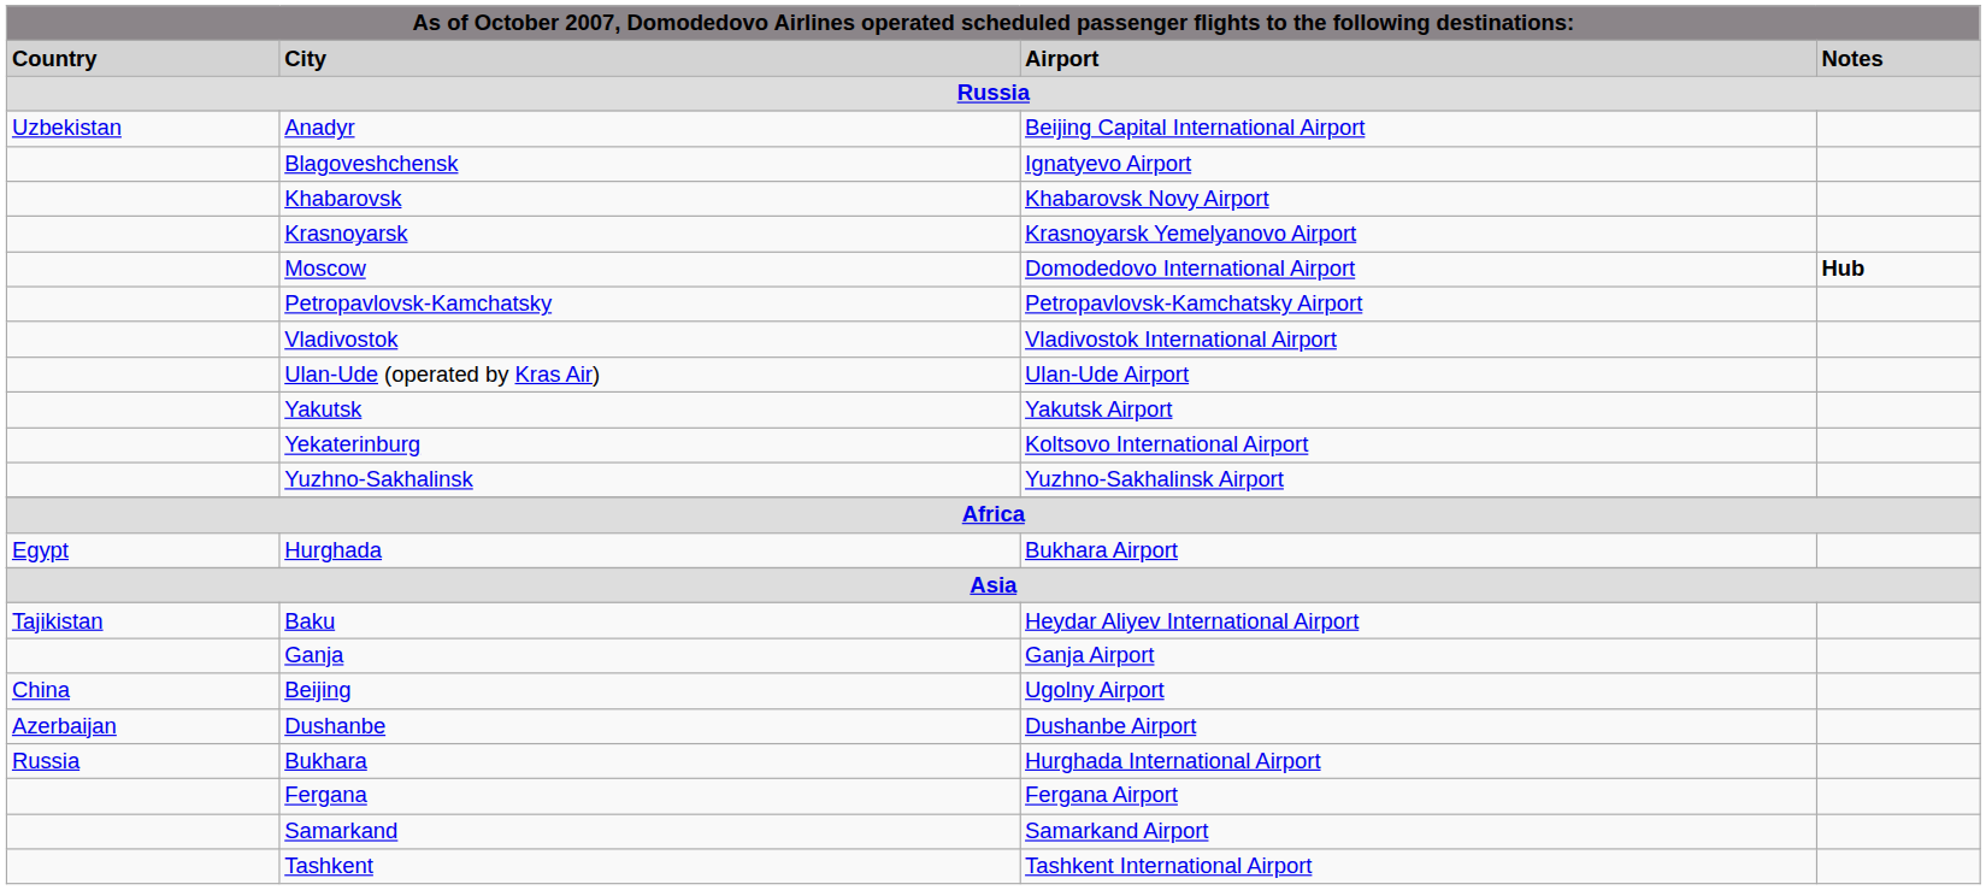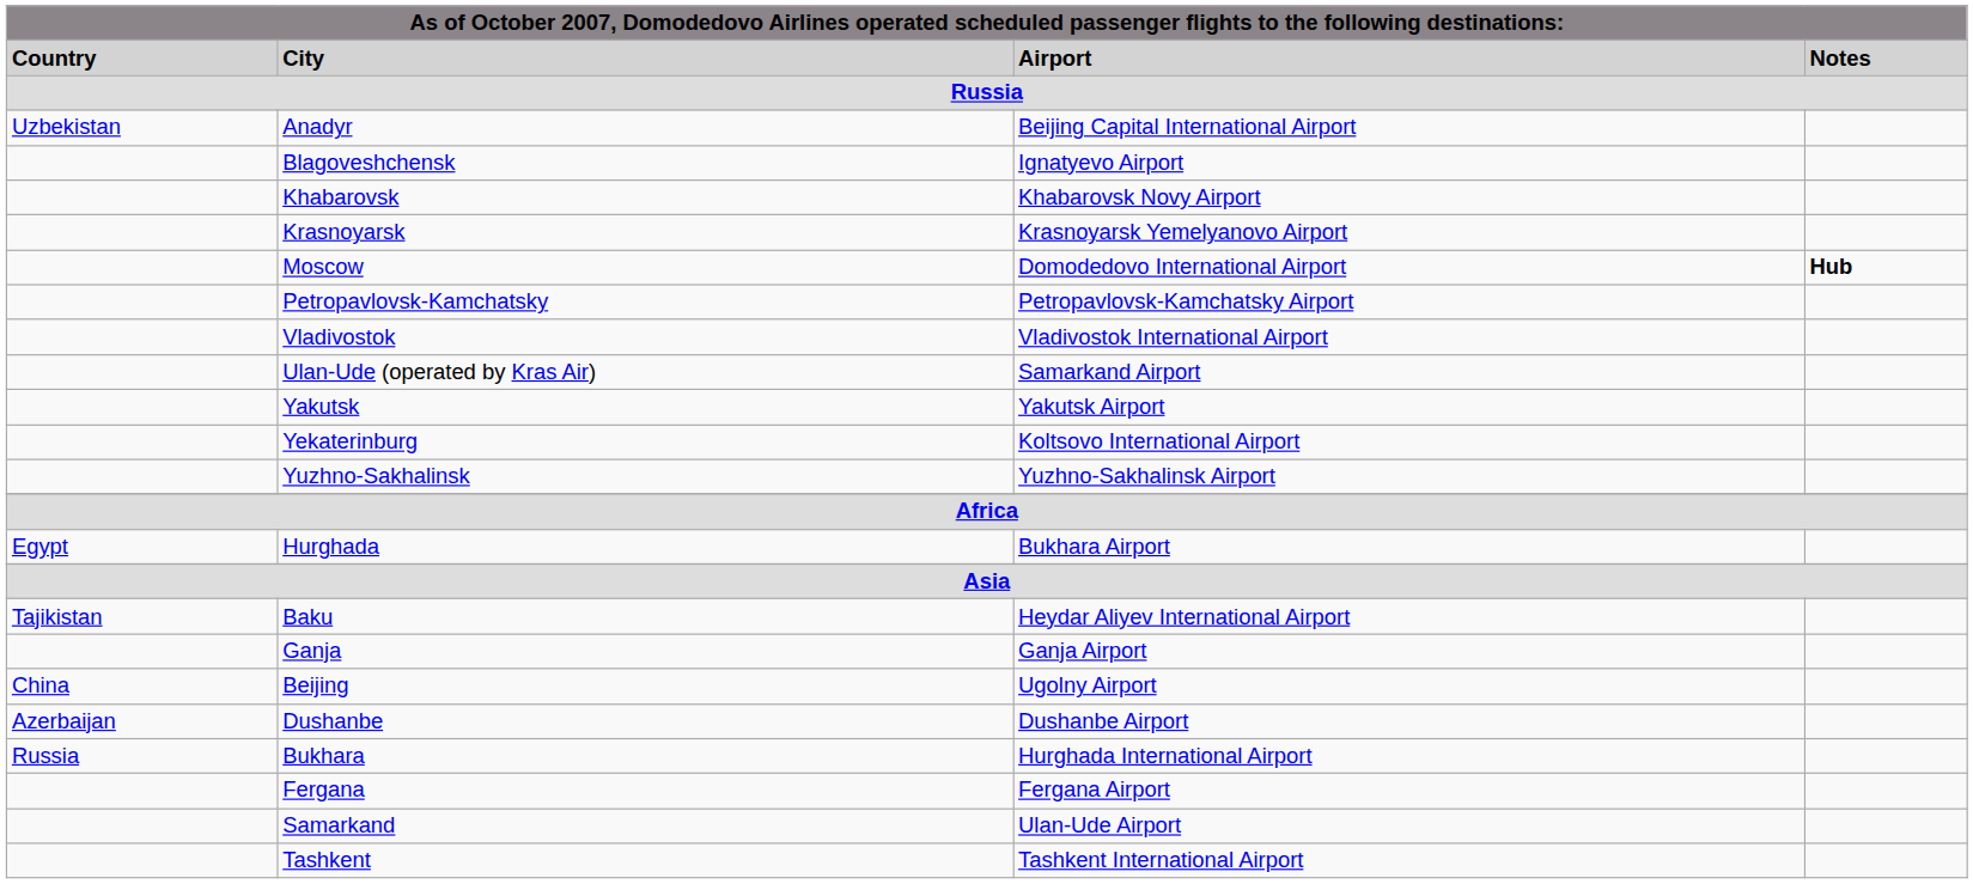 <table class="collapsible wikitable collapsed" style="width: 90%; border: #999 solid 1px; text-align: lcenter; margin-bottom: 0; margin: 1em auto 1em auto">
 <tr>
 <th colspan="5" style="background: #8B8589;"><strong>As of October 2007, Domodedovo Airlines</strong> operated scheduled passenger flights to the following destinations:</th>
 </tr>
 <tr style="font-weight:bold; background-color:#D3D3D3">
 <td><strong>Country</strong></td>
 <td><strong>City</strong></td>
 <td><strong>Airport</strong></td>
 <td><strong>Notes</strong></td>
 </tr>
 <tr style="font-weight:bold; background-color:#DDDDDD">
 <td colspan="4" style="text-align: center;"><a href='#'>Russia</a></td>
 </tr>
 <tr>
 <td><a href='#'>Uzbekistan</a></td>
 <td><a href='#'>Anadyr</a></td>
 <td><a href='#'>Beijing Capital International Airport</a></td>
 <td></td>
 </tr>
 <tr>
 <td></td>
 <td><a href='#'>Blagoveshchensk</a></td>
 <td><a href='#'>Ignatyevo Airport</a></td>
 <td></td>
 </tr>
 <tr>
 <td></td>
 <td><a href='#'>Khabarovsk</a></td>
 <td><a href='#'>Khabarovsk Novy Airport</a></td>
 <td></td>
 </tr>
 <tr>
 <td></td>
 <td><a href='#'>Krasnoyarsk</a></td>
 <td><a href='#'>Krasnoyarsk Yemelyanovo Airport</a></td>
 <td></td>
 </tr>
 <tr>
 <td></td>
 <td><a href='#'>Moscow</a></td>
 <td><a href='#'>Domodedovo International Airport</a></td>
 <td><strong>Hub</strong></td>
 </tr>
 <tr>
 <td></td>
 <td><a href='#'>Petropavlovsk-Kamchatsky</a></td>
 <td><a href='#'>Petropavlovsk-Kamchatsky Airport</a></td>
 <td></td>
 </tr>
 <tr>
 <td></td>
 <td><a href='#'>Vladivostok</a></td>
 <td><a href='#'>Vladivostok International Airport</a></td>
 <td></td>
 </tr>
 <tr>
 <td></td>
 <td><a href='#'>Ulan-Ude</a> (operated by <a href='#'>Kras Air</a>)</td>
-<td><a href='#'>Ulan-Ude Airport</a></td>
+<td><a href='#'>Samarkand Airport</a></td>
 <td></td>
 </tr>
 <tr>
 <td></td>
 <td><a href='#'>Yakutsk</a></td>
 <td><a href='#'>Yakutsk Airport</a></td>
 <td></td>
 </tr>
 <tr>
 <td></td>
 <td><a href='#'>Yekaterinburg</a></td>
 <td><a href='#'>Koltsovo International Airport</a></td>
 <td></td>
 </tr>
 <tr>
 <td></td>
 <td><a href='#'>Yuzhno-Sakhalinsk</a></td>
 <td><a href='#'>Yuzhno-Sakhalinsk Airport</a></td>
 <td></td>
 </tr>
 <tr>
 </tr>
 <tr style="font-weight:bold; background-color:#DDDDDD">
 <td colspan="4" style="text-align: center;"><a href='#'>Africa</a></td>
 </tr>
 <tr>
 <td><a href='#'>Egypt</a></td>
 <td><a href='#'>Hurghada</a></td>
 <td><a href='#'>Bukhara Airport</a></td>
 <td></td>
 </tr>
 <tr>
 </tr>
 <tr style="font-weight:bold; background-color: #DDDDDD">
 <td colspan="4" style="text-align: center;"><a href='#'>Asia</a></td>
 </tr>
 <tr>
 <td><a href='#'>Tajikistan</a></td>
 <td><a href='#'>Baku</a></td>
 <td><a href='#'>Heydar Aliyev International Airport</a></td>
 <td></td>
 </tr>
 <tr>
 <td></td>
 <td><a href='#'>Ganja</a></td>
 <td><a href='#'>Ganja Airport</a></td>
 <td></td>
 </tr>
 <tr>
 <td><a href='#'>China</a></td>
 <td><a href='#'>Beijing</a></td>
 <td><a href='#'>Ugolny Airport</a></td>
 <td></td>
 </tr>
 <tr>
 <td><a href='#'>Azerbaijan</a></td>
 <td><a href='#'>Dushanbe</a></td>
 <td><a href='#'>Dushanbe Airport</a></td>
 <td></td>
 </tr>
 <tr>
 <td><a href='#'>Russia</a></td>
 <td><a href='#'>Bukhara</a></td>
 <td><a href='#'>Hurghada International Airport</a></td>
 <td></td>
 </tr>
 <tr>
 <td></td>
 <td><a href='#'>Fergana</a></td>
 <td><a href='#'>Fergana Airport</a></td>
 <td></td>
 </tr>
 <tr>
 <td></td>
 <td><a href='#'>Samarkand</a></td>
-<td><a href='#'>Samarkand Airport</a></td>
+<td><a href='#'>Ulan-Ude Airport</a></td>
 <td></td>
 </tr>
 <tr>
 <td></td>
 <td><a href='#'>Tashkent</a></td>
 <td><a href='#'>Tashkent International Airport</a></td>
 <td></td>
 </tr>
 </table>
